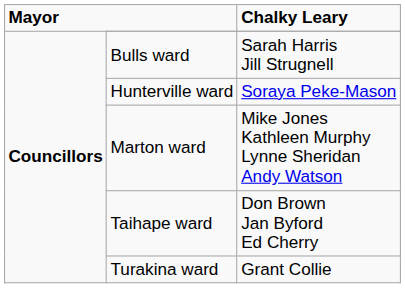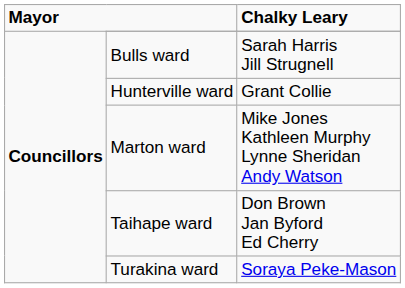 <table class="wikitable">
 <tr>
 <td colspan=2><strong>Mayor</strong></td>
 <td><strong>Chalky Leary</strong></td>
 </tr>
 <tr>
 <td rowspan=6 align=center><strong>Councillors</strong></td>
 </tr>
 <tr>
 <td>Bulls ward</td>
 <td>Sarah Harris<br>Jill Strugnell</td>
 </tr>
 <tr>
 <td>Hunterville ward</td>
-<td><a href='#'>Soraya Peke-Mason</a></td>
+<td>Grant Collie</td>
 </tr>
 <tr>
 <td>Marton ward</td>
 <td>Mike Jones<br>Kathleen Murphy<br>Lynne Sheridan<br><a href='#'>Andy Watson</a></td>
 </tr>
 <tr>
 <td>Taihape ward</td>
 <td>Don Brown<br>Jan Byford<br>Ed Cherry</td>
 </tr>
 <tr>
 <td>Turakina ward</td>
-<td>Grant Collie</td>
+<td><a href='#'>Soraya Peke-Mason</a></td>
 </tr>
 </table>
